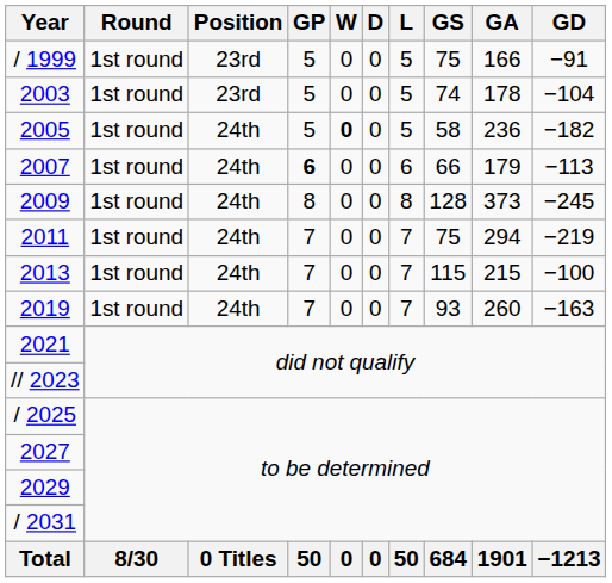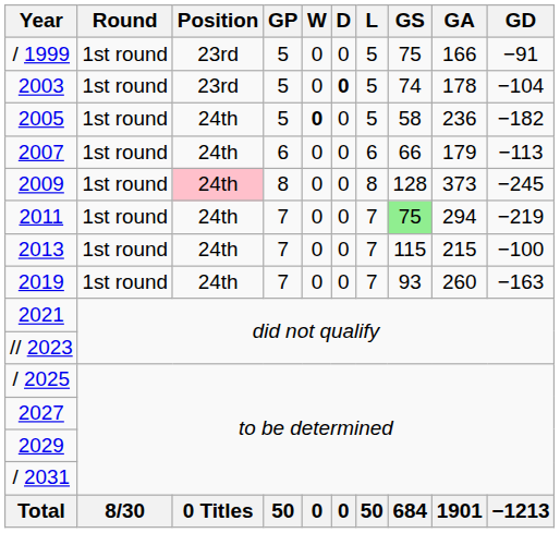 <table class="wikitable" style="text-align: center;">
 <tr>
 <th>Year</th>
 <th>Round</th>
 <th>Position</th>
 <th>GP</th>
 <th>W</th>
 <th>D</th>
 <th>L</th>
 <th>GS</th>
 <th>GA</th>
 <th>GD</th>
 </tr>
 <tr>
 <td> /  <a href='#'>1999</a></td>
 <td>1st round</td>
 <td>23rd</td>
 <td>5</td>
 <td>0</td>
 <td>0</td>
 <td>5</td>
 <td>75</td>
 <td>166</td>
 <td>−91</td>
 </tr>
 <tr>
 <td> <a href='#'>2003</a></td>
 <td>1st round</td>
 <td>23rd</td>
 <td>5</td>
 <td>0</td>
-<td>0</td>
+<td><strong>0</strong></td>
 <td>5</td>
 <td>74</td>
 <td>178</td>
 <td>−104</td>
 </tr>
 <tr>
 <td> <a href='#'>2005</a></td>
 <td>1st round</td>
 <td>24th</td>
 <td>5</td>
 <td><strong>0</strong></td>
 <td>0</td>
 <td>5</td>
 <td>58</td>
 <td>236</td>
 <td>−182</td>
 </tr>
 <tr>
 <td> <a href='#'>2007</a></td>
 <td>1st round</td>
 <td>24th</td>
-<td><strong>6</strong></td>
+<td>6</td>
 <td>0</td>
 <td>0</td>
 <td>6</td>
 <td>66</td>
 <td>179</td>
 <td>−113</td>
 </tr>
 <tr>
 <td> <a href='#'>2009</a></td>
 <td>1st round</td>
-<td>24th</td>
+<td style="background: pink;">24th</td>
 <td>8</td>
 <td>0</td>
 <td>0</td>
 <td>8</td>
 <td>128</td>
 <td>373</td>
 <td>−245</td>
 </tr>
 <tr>
 <td> <a href='#'>2011</a></td>
 <td>1st round</td>
 <td>24th</td>
 <td>7</td>
 <td>0</td>
 <td>0</td>
 <td>7</td>
-<td>75</td>
+<td style="background: lightgreen;">75</td>
 <td>294</td>
 <td>−219</td>
 </tr>
 <tr>
 <td> <a href='#'>2013</a></td>
 <td>1st round</td>
 <td>24th</td>
 <td>7</td>
 <td>0</td>
 <td>0</td>
 <td>7</td>
 <td>115</td>
 <td>215</td>
 <td>−100</td>
 </tr>
 <tr>
 <td> <a href='#'>2019</a></td>
 <td>1st round</td>
 <td>24th</td>
 <td>7</td>
 <td>0</td>
 <td>0</td>
 <td>7</td>
 <td>93</td>
 <td>260</td>
 <td>−163</td>
 </tr>
 <tr>
 <td> <a href='#'>2021</a></td>
 <td align=center colspan=9 rowspan=2><em>did not qualify</em></td>
 </tr>
 <tr>
 <td>// <a href='#'>2023</a></td>
 </tr>
 <tr>
 <td>/ <a href='#'>2025</a></td>
 <td align=center colspan=9 rowspan=4><em>to be determined</em></td>
 </tr>
 <tr>
 <td> <a href='#'>2027</a></td>
 </tr>
 <tr>
 <td> <a href='#'>2029</a></td>
 </tr>
 <tr>
 <td>/ <a href='#'>2031</a></td>
 </tr>
 <tr>
 <th>Total</th>
 <th>8/30</th>
 <th>0 Titles</th>
 <th>50</th>
 <th>0</th>
 <th>0</th>
 <th>50</th>
 <th>684</th>
 <th>1901</th>
 <th>−1213</th>
 </tr>
 </table>
